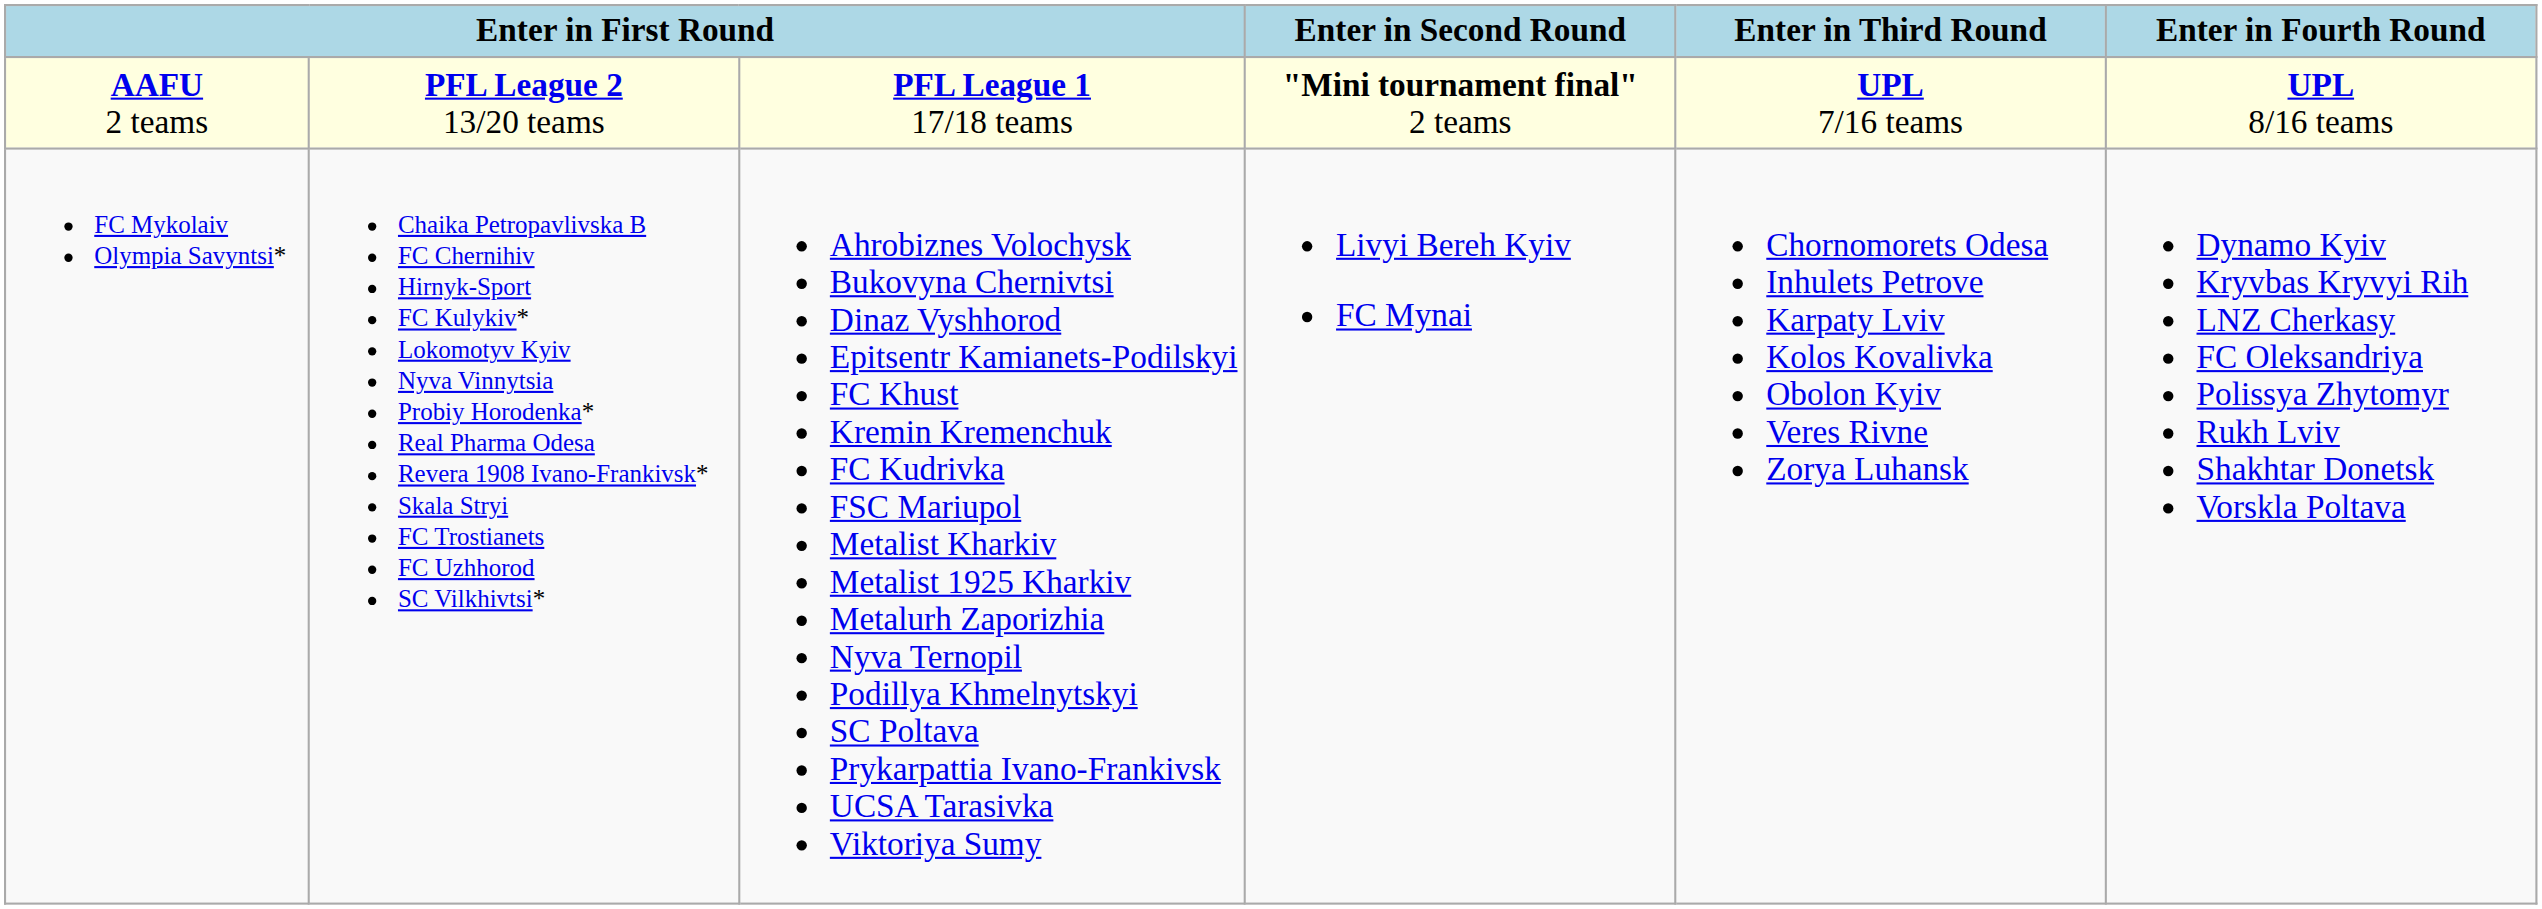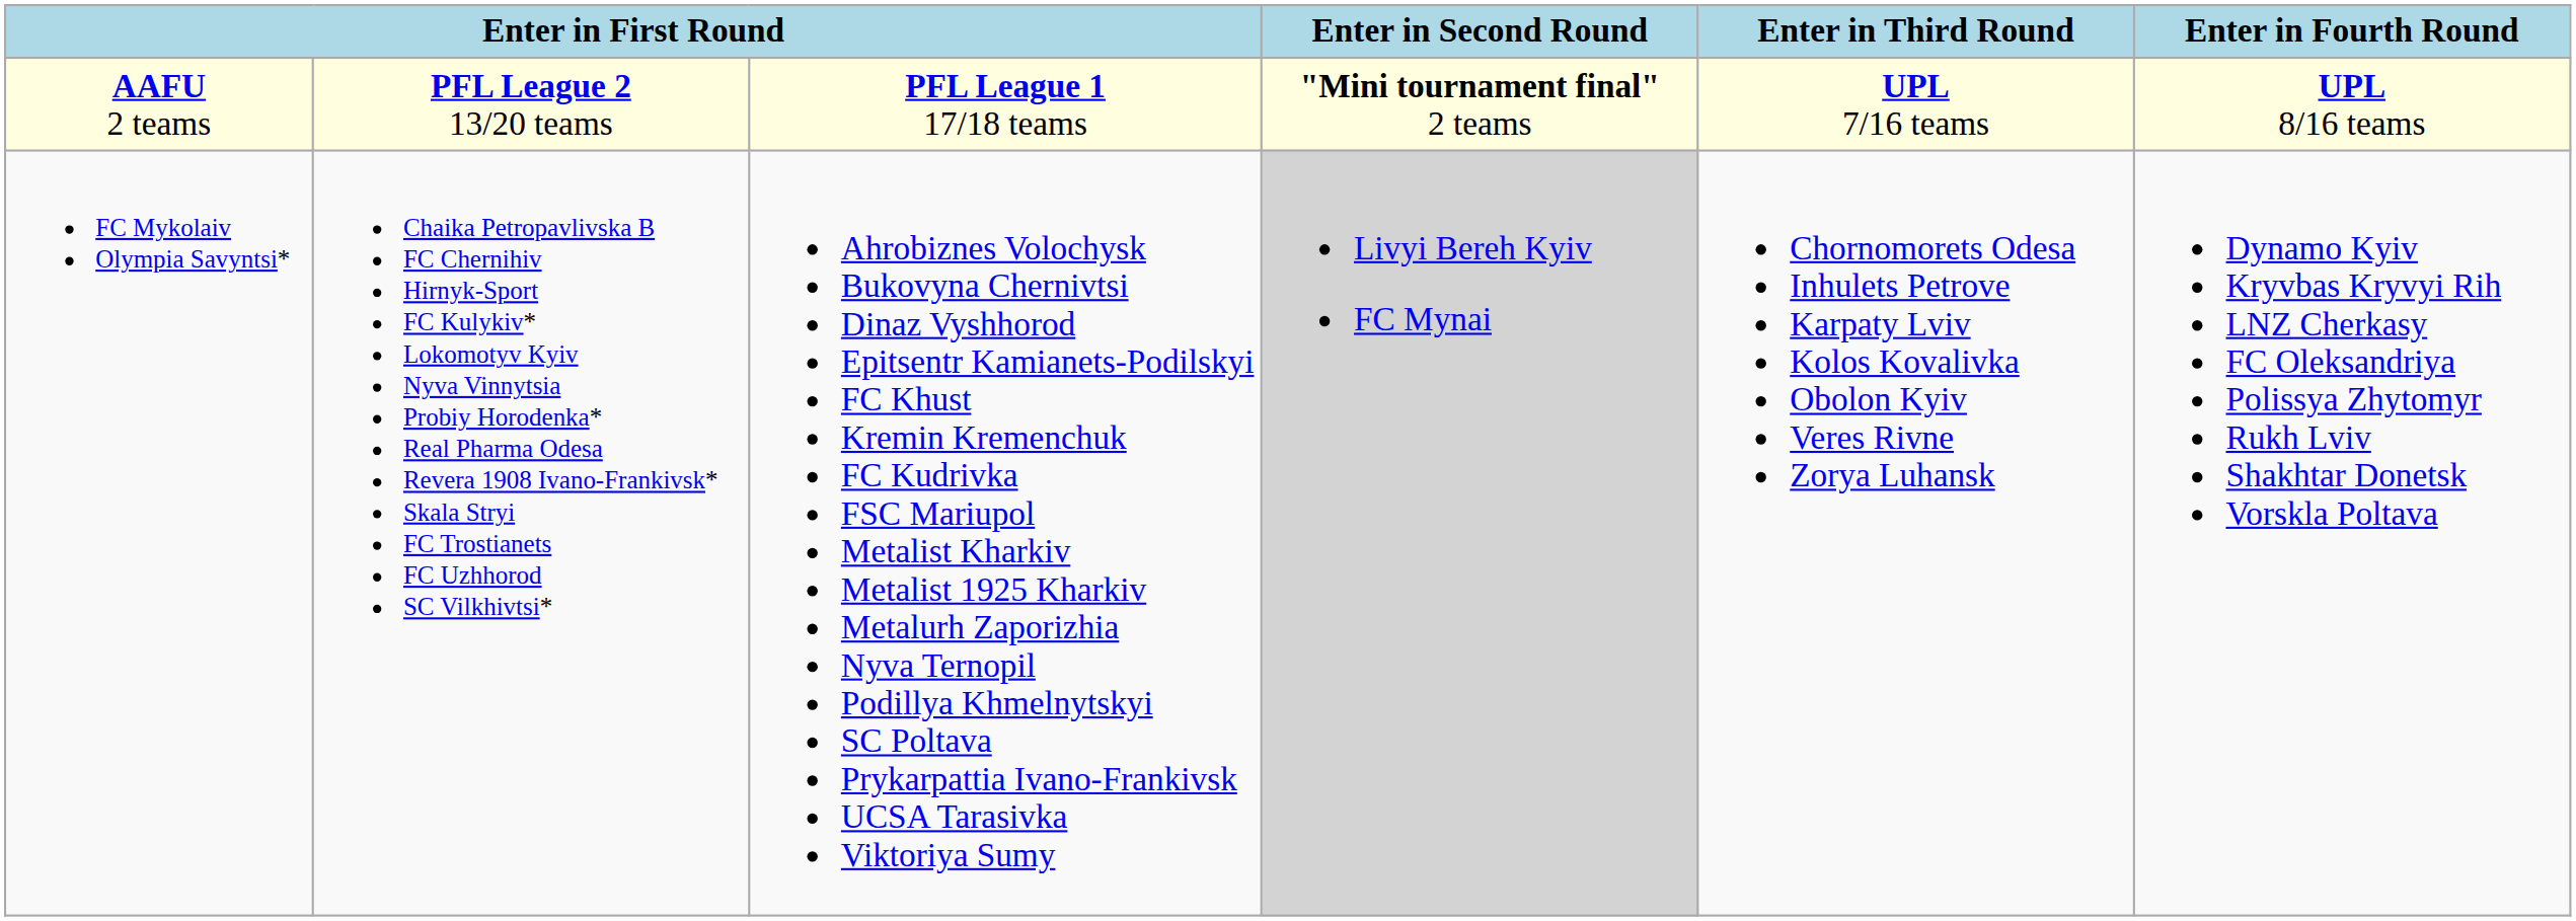 <table class="wikitable">
 <tr style="vertical-align:top; background:lightblue; text-align:center;">
 <td colspan="3" style="width:49%;"><strong>Enter in First Round</strong></td>
 <td style="width:17%;"><strong>Enter in Second Round</strong></td>
 <td style="width:17%;"><strong>Enter in Third Round</strong></td>
 <td style="width:17%;"><strong>Enter in Fourth Round</strong></td>
 </tr>
 <tr style="vertical-align:top; background:lightyellow;">
 <td style="text-align:center; width:12%;"><strong><a href='#'>AAFU</a></strong><br>2 teams</td>
 <td style="text-align:center; width:17%;"><strong><a href='#'>PFL League 2</a></strong><br>13/20 teams</td>
 <td style="text-align:center; width:20%;"><strong><a href='#'>PFL League 1</a></strong><br>17/18 teams</td>
 <td style="text-align:center; width:17%;"><strong>"Mini tournament final"</strong><br>2 teams</td>
 <td style="text-align:center; width:17%;"><strong><a href='#'>UPL</a></strong><br> 7/16 teams</td>
 <td style="text-align:center; width:17%;"><strong><a href='#'>UPL</a></strong><br> 8/16 teams</td>
 </tr>
 <tr valign="top">
 <td style="font-size: 75%;"><br><ul><li><a href='#'>FC Mykolaiv</a></li><li><a href='#'>Olympia Savyntsi</a>*</li></ul></td>
 <td style="font-size: 75%;"><br><ul><li><a href='#'>Chaika Petropavlivska B</a></li><li><a href='#'>FC Chernihiv</a></li><li><a href='#'>Hirnyk-Sport</a></li><li><a href='#'>FC Kulykiv</a>*</li><li><a href='#'>Lokomotyv Kyiv</a></li><li><a href='#'>Nyva Vinnytsia</a></li><li><a href='#'>Probiy Horodenka</a>*</li><li><a href='#'>Real Pharma Odesa</a></li><li><a href='#'>Revera 1908 Ivano-Frankivsk</a>*</li><li><a href='#'>Skala Stryi</a></li><li><a href='#'>FC Trostianets</a></li><li><a href='#'>FC Uzhhorod</a></li><li><a href='#'>SC Vilkhivtsi</a>*</li></ul></td>
 <td><br><ul><li><a href='#'>Ahrobiznes Volochysk</a></li><li><a href='#'>Bukovyna Chernivtsi</a></li><li><a href='#'>Dinaz Vyshhorod</a></li><li><a href='#'>Epitsentr Kamianets-Podilskyi</a></li><li><a href='#'>FC Khust</a></li><li><a href='#'>Kremin Kremenchuk</a></li><li><a href='#'>FC Kudrivka</a></li><li><a href='#'>FSC Mariupol</a></li><li><a href='#'>Metalist Kharkiv</a></li><li><a href='#'>Metalist 1925 Kharkiv</a></li><li><a href='#'>Metalurh Zaporizhia</a></li><li><a href='#'>Nyva Ternopil</a></li><li><a href='#'>Podillya Khmelnytskyi</a></li><li><a href='#'>SC Poltava</a></li><li><a href='#'>Prykarpattia Ivano-Frankivsk</a></li><li><a href='#'>UCSA Tarasivka</a></li><li><a href='#'>Viktoriya Sumy</a></li></ul></td>
-<td><br><ul><li><a href='#'>Livyi Bereh Kyiv</a></li></ul><ul><li><a href='#'>FC Mynai</a></li></ul></td>
+<td style="background: lightgrey;"><br><ul><li><a href='#'>Livyi Bereh Kyiv</a></li></ul><ul><li><a href='#'>FC Mynai</a></li></ul></td>
 <td><br><ul><li><a href='#'>Chornomorets Odesa</a></li><li><a href='#'>Inhulets Petrove</a></li><li><a href='#'>Karpaty Lviv</a></li><li><a href='#'>Kolos Kovalivka</a></li><li><a href='#'>Obolon Kyiv</a></li><li><a href='#'>Veres Rivne</a></li><li><a href='#'>Zorya Luhansk</a></li></ul></td>
 <td><br><ul><li><a href='#'>Dynamo Kyiv</a></li><li><a href='#'>Kryvbas Kryvyi Rih</a></li><li><a href='#'>LNZ Cherkasy</a></li><li><a href='#'>FC Oleksandriya</a></li><li><a href='#'>Polissya Zhytomyr</a></li><li><a href='#'>Rukh Lviv</a></li><li><a href='#'>Shakhtar Donetsk</a></li><li><a href='#'>Vorskla Poltava</a></li></ul></td>
 </tr>
 </table>
